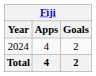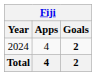 <table class="wikitable" style="text-align:center">
 <tr>
 <th colspan=3><a href='#'>Fiji</a></th>
 </tr>
 <tr>
 <th>Year</th>
 <th>Apps</th>
 <th>Goals</th>
 </tr>
 <tr>
 <td>2024</td>
 <td>4</td>
-<td>2</td>
+<td><strong>2</strong></td>
 </tr>
 <tr>
 <th>Total</th>
 <th>4</th>
 <th>2</th>
 </tr>
 </table>
